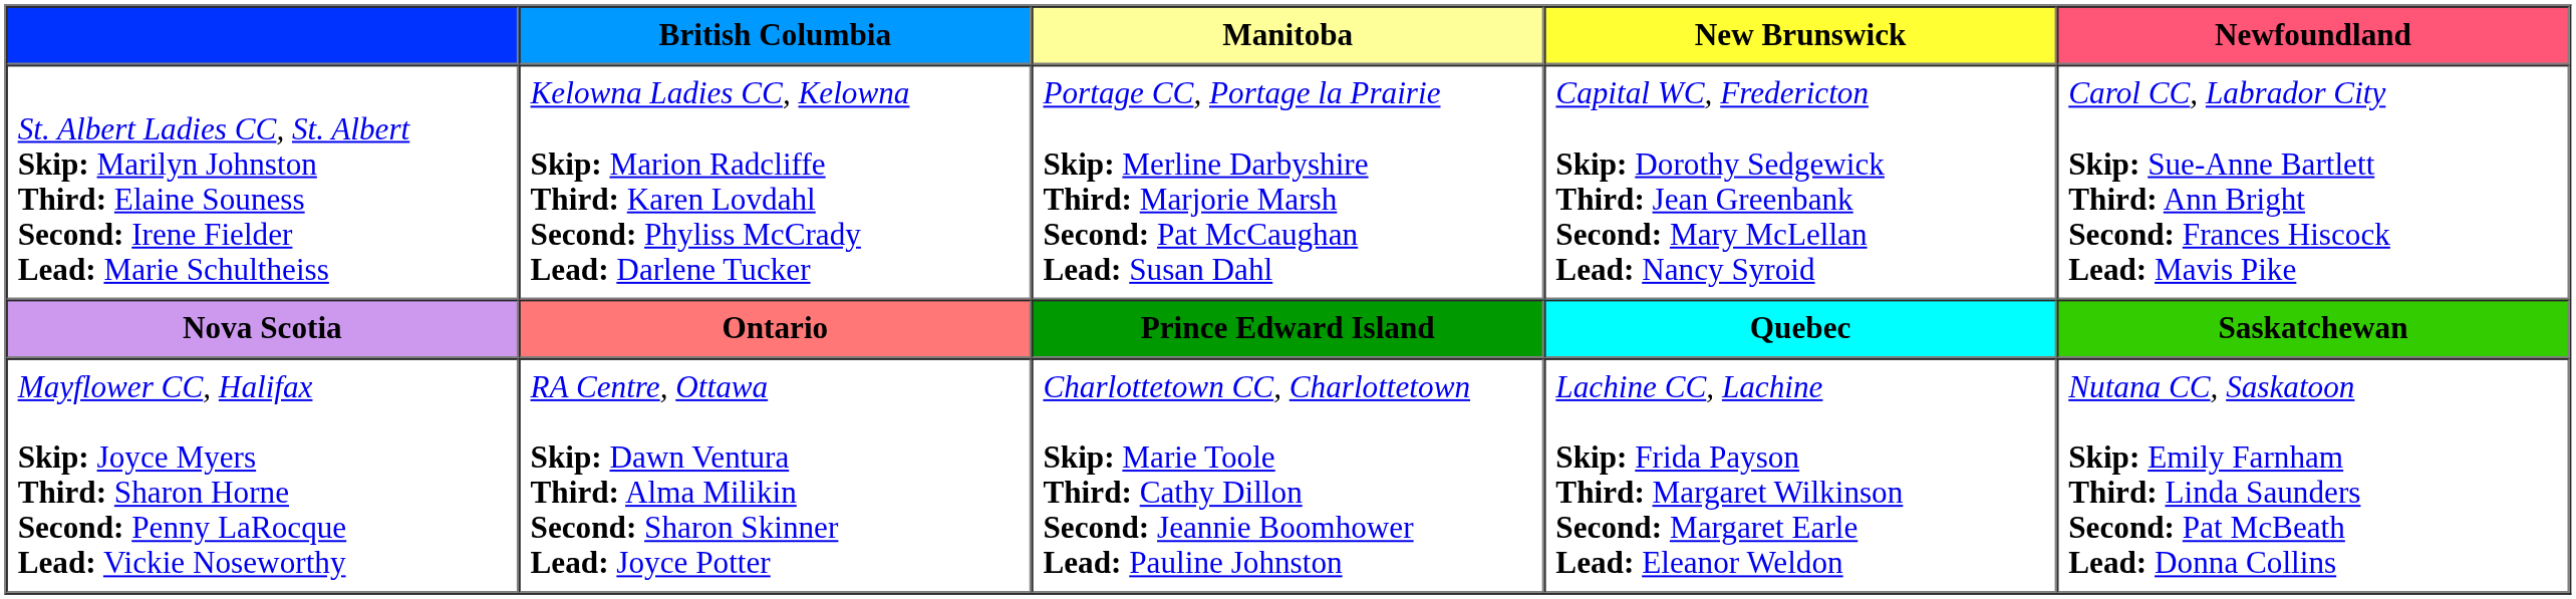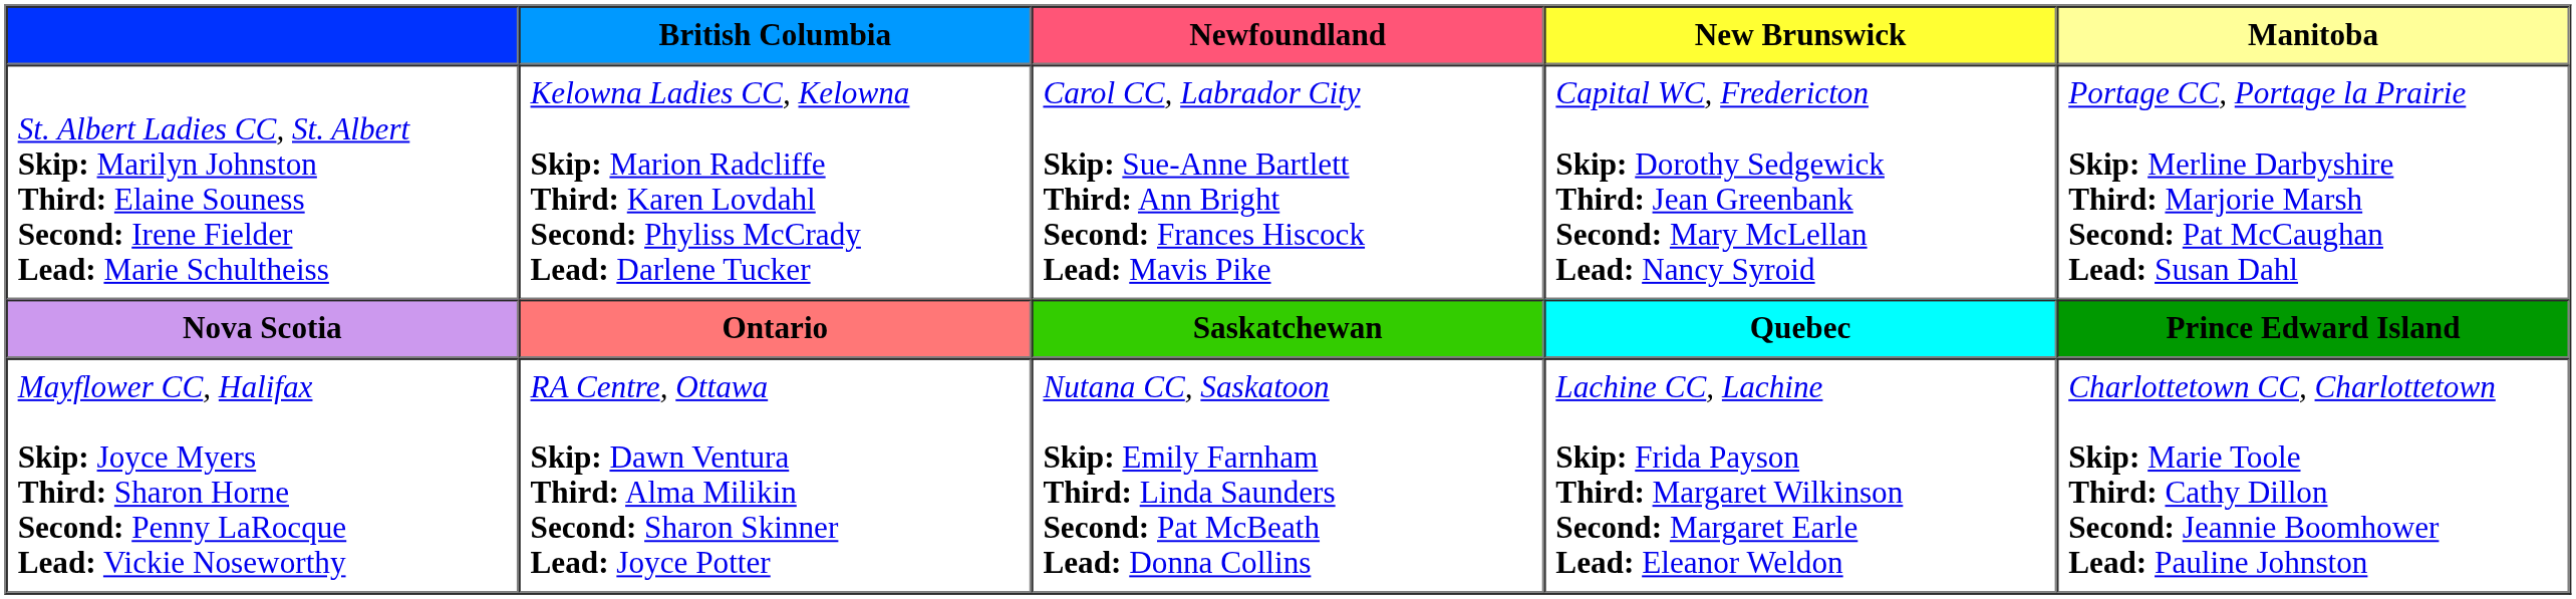 <table border=1 cellpadding=5 cellspacing=0>
 <tr>
 <th bgcolor="#0033ff" width="250"></th>
 <th bgcolor="#0099ff" width="250">British Columbia</th>
+<th bgcolor="#ff5577" width="250">Newfoundland</th>
+<th bgcolor="#ffff33" width="250">New Brunswick</th>
 <th bgcolor="#ffff99" width="250">Manitoba</th>
-<th bgcolor="#ffff33" width="250">New Brunswick</th>
-<th bgcolor="#ff5577" width="250">Newfoundland</th>
 </tr>
 <tr align=center>
 <td align=left><br><em><a href='#'>St. Albert Ladies CC</a>, <a href='#'>St. Albert</a></em> <br> <strong>Skip:</strong>  <a href='#'>Marilyn Johnston</a><br> <strong>Third:</strong>  <a href='#'>Elaine Souness</a><br> <strong>Second:</strong>  <a href='#'>Irene Fielder</a><br> <strong>Lead:</strong> <a href='#'>Marie Schultheiss</a><br></td>
 <td align=left><em><a href='#'>Kelowna Ladies CC</a>, <a href='#'>Kelowna</a></em><br><br><strong>Skip:</strong>  <a href='#'>Marion Radcliffe</a><br> <strong>Third:</strong> <a href='#'>Karen Lovdahl</a><br> <strong>Second:</strong> <a href='#'>Phyliss McCrady</a><br> <strong>Lead:</strong> <a href='#'>Darlene Tucker</a><br></td>
+<td align=left><em><a href='#'>Carol CC</a>, <a href='#'>Labrador City</a></em> <br><br><strong>Skip:</strong>  <a href='#'>Sue-Anne Bartlett</a> <br> <strong>Third:</strong> <a href='#'>Ann Bright</a><br> <strong>Second:</strong> <a href='#'>Frances Hiscock</a><br> <strong>Lead:</strong> <a href='#'>Mavis Pike</a><br></td>
+<td align=left><em><a href='#'>Capital WC</a>, <a href='#'>Fredericton</a></em> <br><br><strong>Skip:</strong>  <a href='#'>Dorothy Sedgewick</a><br> <strong>Third:</strong> <a href='#'>Jean Greenbank</a><br> <strong>Second:</strong> <a href='#'>Mary McLellan</a><br> <strong>Lead:</strong> <a href='#'>Nancy Syroid</a><br></td>
 <td align=left><em><a href='#'>Portage CC</a>, <a href='#'>Portage la Prairie</a></em><br><br><strong>Skip:</strong> <a href='#'>Merline Darbyshire</a> <br> <strong>Third:</strong> <a href='#'>Marjorie Marsh</a><br> <strong>Second:</strong> <a href='#'>Pat McCaughan</a><br> <strong>Lead:</strong> <a href='#'>Susan Dahl</a><br></td>
-<td align=left><em><a href='#'>Capital WC</a>, <a href='#'>Fredericton</a></em> <br><br><strong>Skip:</strong>  <a href='#'>Dorothy Sedgewick</a><br> <strong>Third:</strong> <a href='#'>Jean Greenbank</a><br> <strong>Second:</strong> <a href='#'>Mary McLellan</a><br> <strong>Lead:</strong> <a href='#'>Nancy Syroid</a><br></td>
-<td align=left><em><a href='#'>Carol CC</a>, <a href='#'>Labrador City</a></em> <br><br><strong>Skip:</strong>  <a href='#'>Sue-Anne Bartlett</a> <br> <strong>Third:</strong> <a href='#'>Ann Bright</a><br> <strong>Second:</strong> <a href='#'>Frances Hiscock</a><br> <strong>Lead:</strong> <a href='#'>Mavis Pike</a><br></td>
 </tr>
 <tr border=1 cellpadding=5 cellspacing=0>
 <th bgcolor="#cc99ee" width="250">Nova Scotia</th>
 <th bgcolor="#ff7777" width="250">Ontario</th>
+<th bgcolor="#33cc00" width="250">Saskatchewan</th>
+<th bgcolor="#00ffff" width="250">Quebec</th>
 <th bgcolor="#009900" width="250">Prince Edward Island</th>
-<th bgcolor="#00ffff" width="250">Quebec</th>
-<th bgcolor="#33cc00" width="250">Saskatchewan</th>
 </tr>
 <tr align=center>
 <td align=left><em><a href='#'>Mayflower CC</a>, <a href='#'>Halifax</a></em><br><br><strong>Skip:</strong>  <a href='#'>Joyce Myers</a><br> <strong>Third:</strong> <a href='#'>Sharon Horne</a><br> <strong>Second:</strong> <a href='#'>Penny LaRocque</a> <br> <strong>Lead:</strong> <a href='#'>Vickie Noseworthy</a><br></td>
 <td align=left><em><a href='#'>RA Centre</a>, <a href='#'>Ottawa</a></em> <br><br><strong>Skip:</strong>  <a href='#'>Dawn Ventura</a><br> <strong>Third:</strong> <a href='#'>Alma Milikin</a><br> <strong>Second:</strong> <a href='#'>Sharon Skinner</a><br> <strong>Lead:</strong> <a href='#'>Joyce Potter</a><br></td>
+<td align=left><em><a href='#'>Nutana CC</a>, <a href='#'>Saskatoon</a></em><br><br><strong>Skip:</strong>  <a href='#'>Emily Farnham</a><br> <strong>Third:</strong> <a href='#'>Linda Saunders</a><br> <strong>Second:</strong> <a href='#'>Pat McBeath</a><br> <strong>Lead:</strong> <a href='#'>Donna Collins</a><br></td>
+<td align=left><em><a href='#'>Lachine CC</a>, <a href='#'>Lachine</a></em><br><br><strong>Skip:</strong>  <a href='#'>Frida Payson</a><br> <strong>Third:</strong> <a href='#'>Margaret Wilkinson</a><br> <strong>Second:</strong> <a href='#'>Margaret Earle</a><br> <strong>Lead:</strong> <a href='#'>Eleanor Weldon</a><br></td>
 <td align=left><em><a href='#'>Charlottetown CC</a>, <a href='#'>Charlottetown</a></em> <br><br><strong>Skip:</strong>  <a href='#'>Marie Toole</a><br> <strong>Third:</strong> <a href='#'>Cathy Dillon</a><br> <strong>Second:</strong> <a href='#'>Jeannie Boomhower</a><br> <strong>Lead:</strong> <a href='#'>Pauline Johnston</a><br></td>
-<td align=left><em><a href='#'>Lachine CC</a>, <a href='#'>Lachine</a></em><br><br><strong>Skip:</strong>  <a href='#'>Frida Payson</a><br> <strong>Third:</strong> <a href='#'>Margaret Wilkinson</a><br> <strong>Second:</strong> <a href='#'>Margaret Earle</a><br> <strong>Lead:</strong> <a href='#'>Eleanor Weldon</a><br></td>
-<td align=left><em><a href='#'>Nutana CC</a>, <a href='#'>Saskatoon</a></em><br><br><strong>Skip:</strong>  <a href='#'>Emily Farnham</a><br> <strong>Third:</strong> <a href='#'>Linda Saunders</a><br> <strong>Second:</strong> <a href='#'>Pat McBeath</a><br> <strong>Lead:</strong> <a href='#'>Donna Collins</a><br></td>
 </tr>
 </table>
